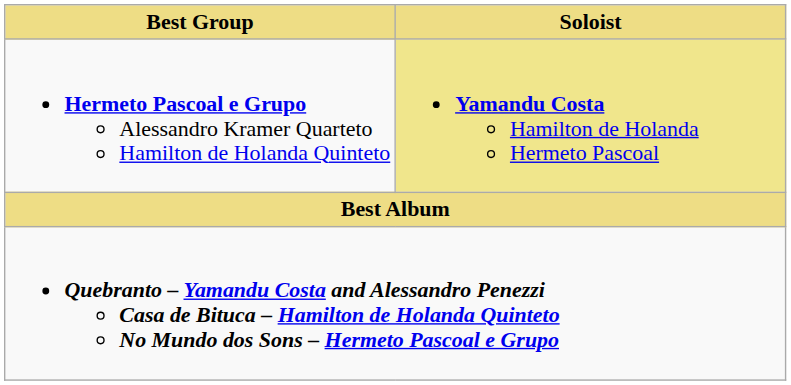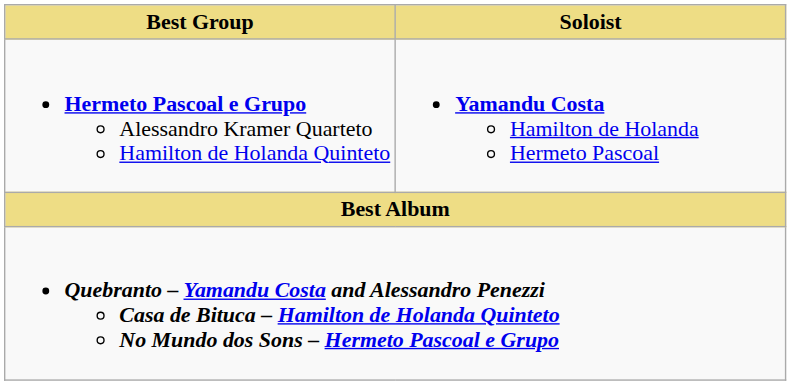 <table class="wikitable" style="width=">
 <tr>
 <th style="background:#EEDD85; width:50%">Best Group</th>
 <th style="background:#EEDD85; width:50%">Soloist</th>
 </tr>
 <tr>
 <td style="vertical-align:top"><br><ul><li><strong><a href='#'>Hermeto Pascoal e Grupo</a></strong><ul><li>Alessandro Kramer Quarteto</li><li><a href='#'>Hamilton de Holanda Quinteto</a></li></ul></li></ul></td>
-<td style="background: khaki; vertical-align:top"><br><ul><li><strong><a href='#'>Yamandu Costa</a></strong><ul><li><a href='#'>Hamilton de Holanda</a></li><li><a href='#'>Hermeto Pascoal</a></li></ul></li></ul></td>
+<td style="vertical-align:top"><br><ul><li><strong><a href='#'>Yamandu Costa</a></strong><ul><li><a href='#'>Hamilton de Holanda</a></li><li><a href='#'>Hermeto Pascoal</a></li></ul></li></ul></td>
 </tr>
 <tr>
 <th colspan="2" scope="col" style="background:#EEDD85; width:50%">Best Album</th>
 </tr>
 <tr>
 <td colspan="2" style="vertical-align:top"><br><ul><li><strong><em>Quebranto<em> – <a href='#'>Yamandu Costa</a> and Alessandro Penezzi<strong><ul><li></em>Casa de Bituca<em> – <a href='#'>Hamilton de Holanda Quinteto</a></li><li></em>No Mundo dos Sons<em> – <a href='#'>Hermeto Pascoal e Grupo</a></li></ul></li></ul></td>
 </tr>
 </table>
